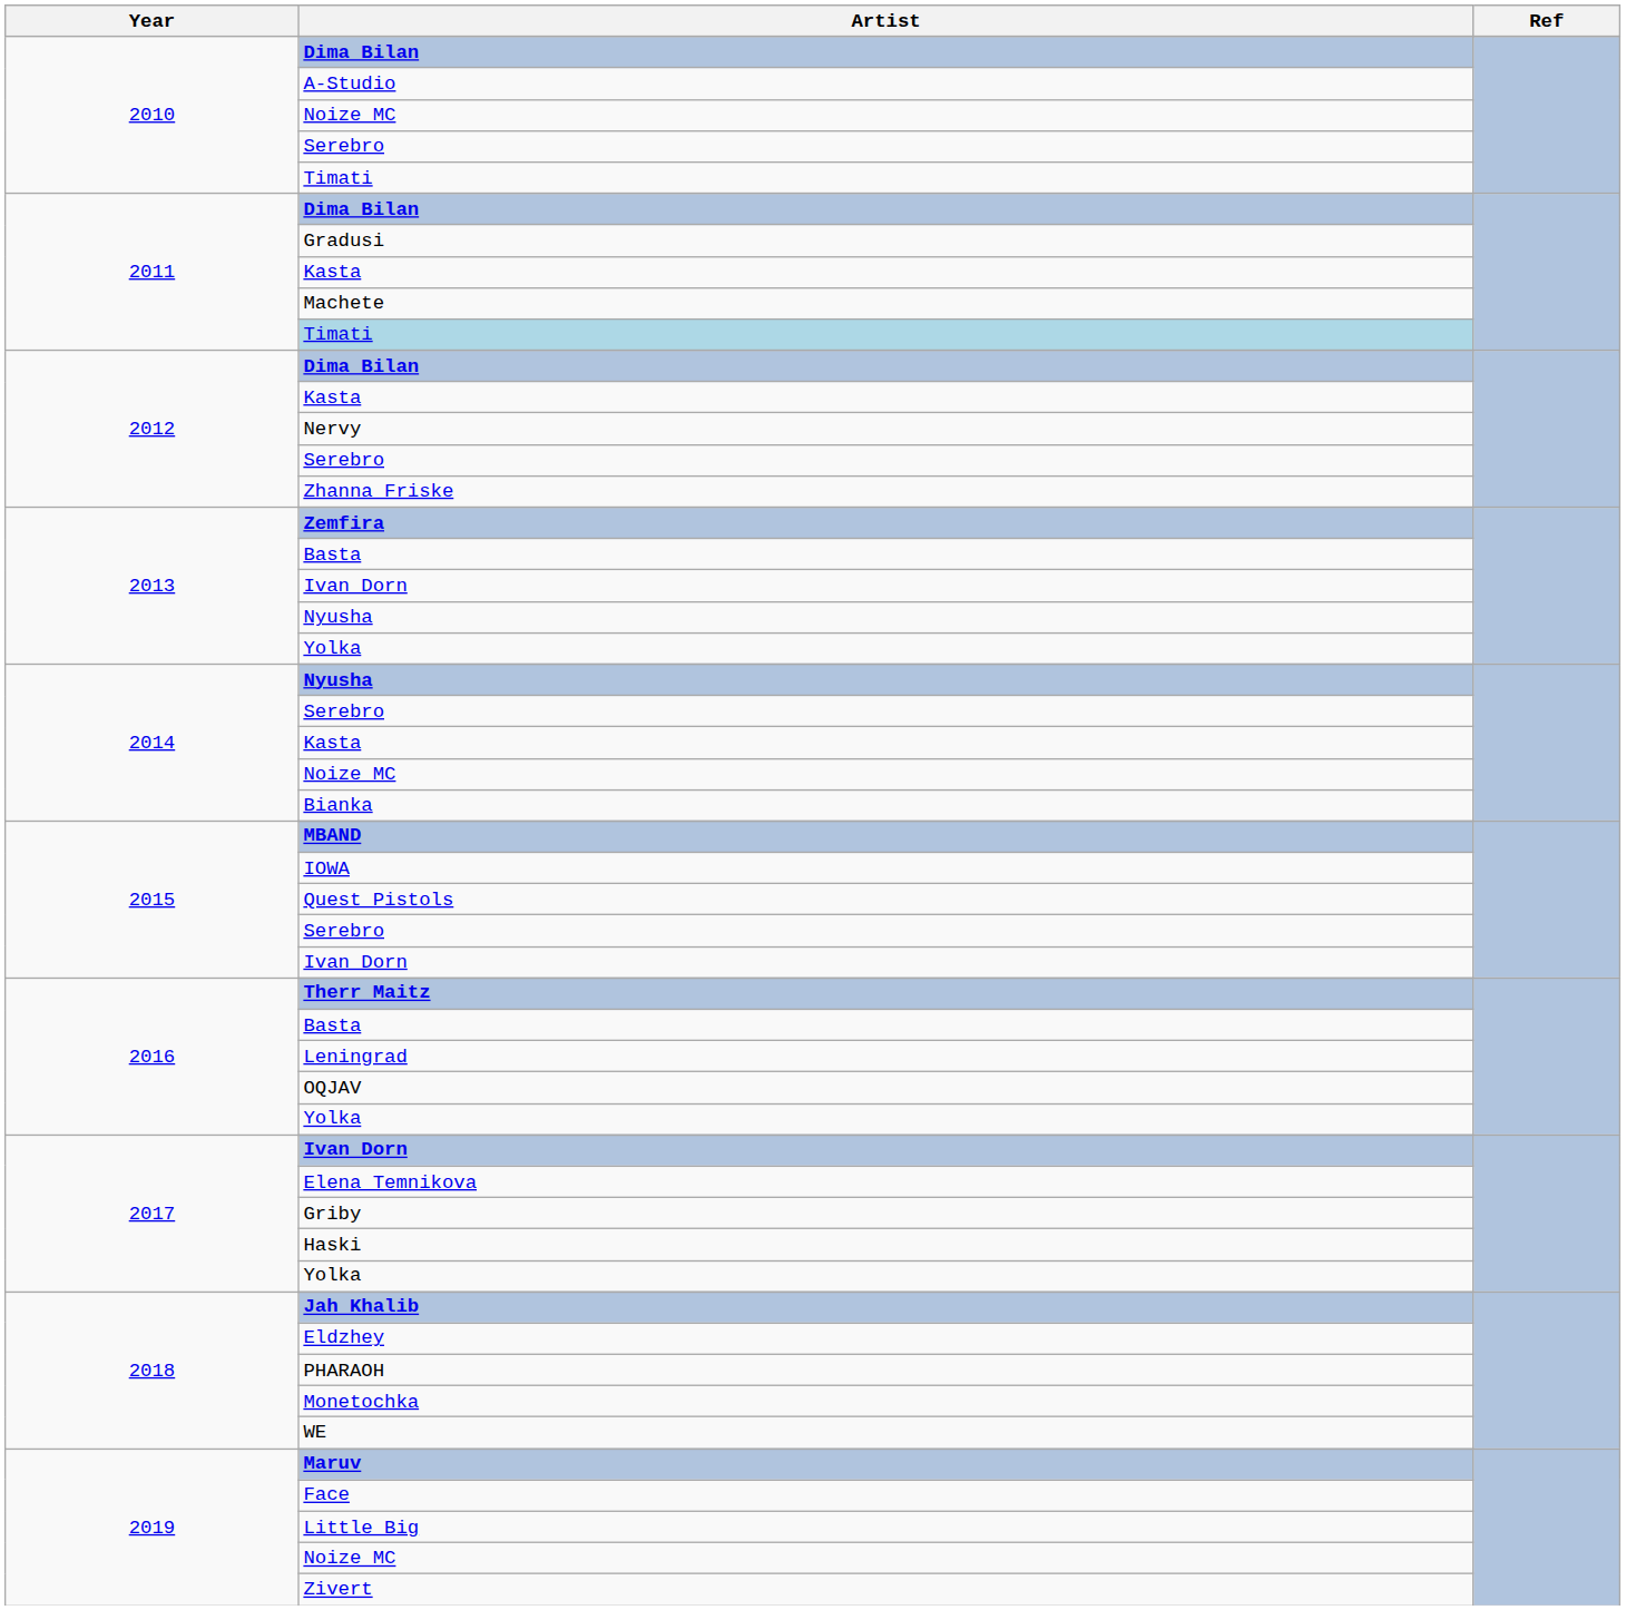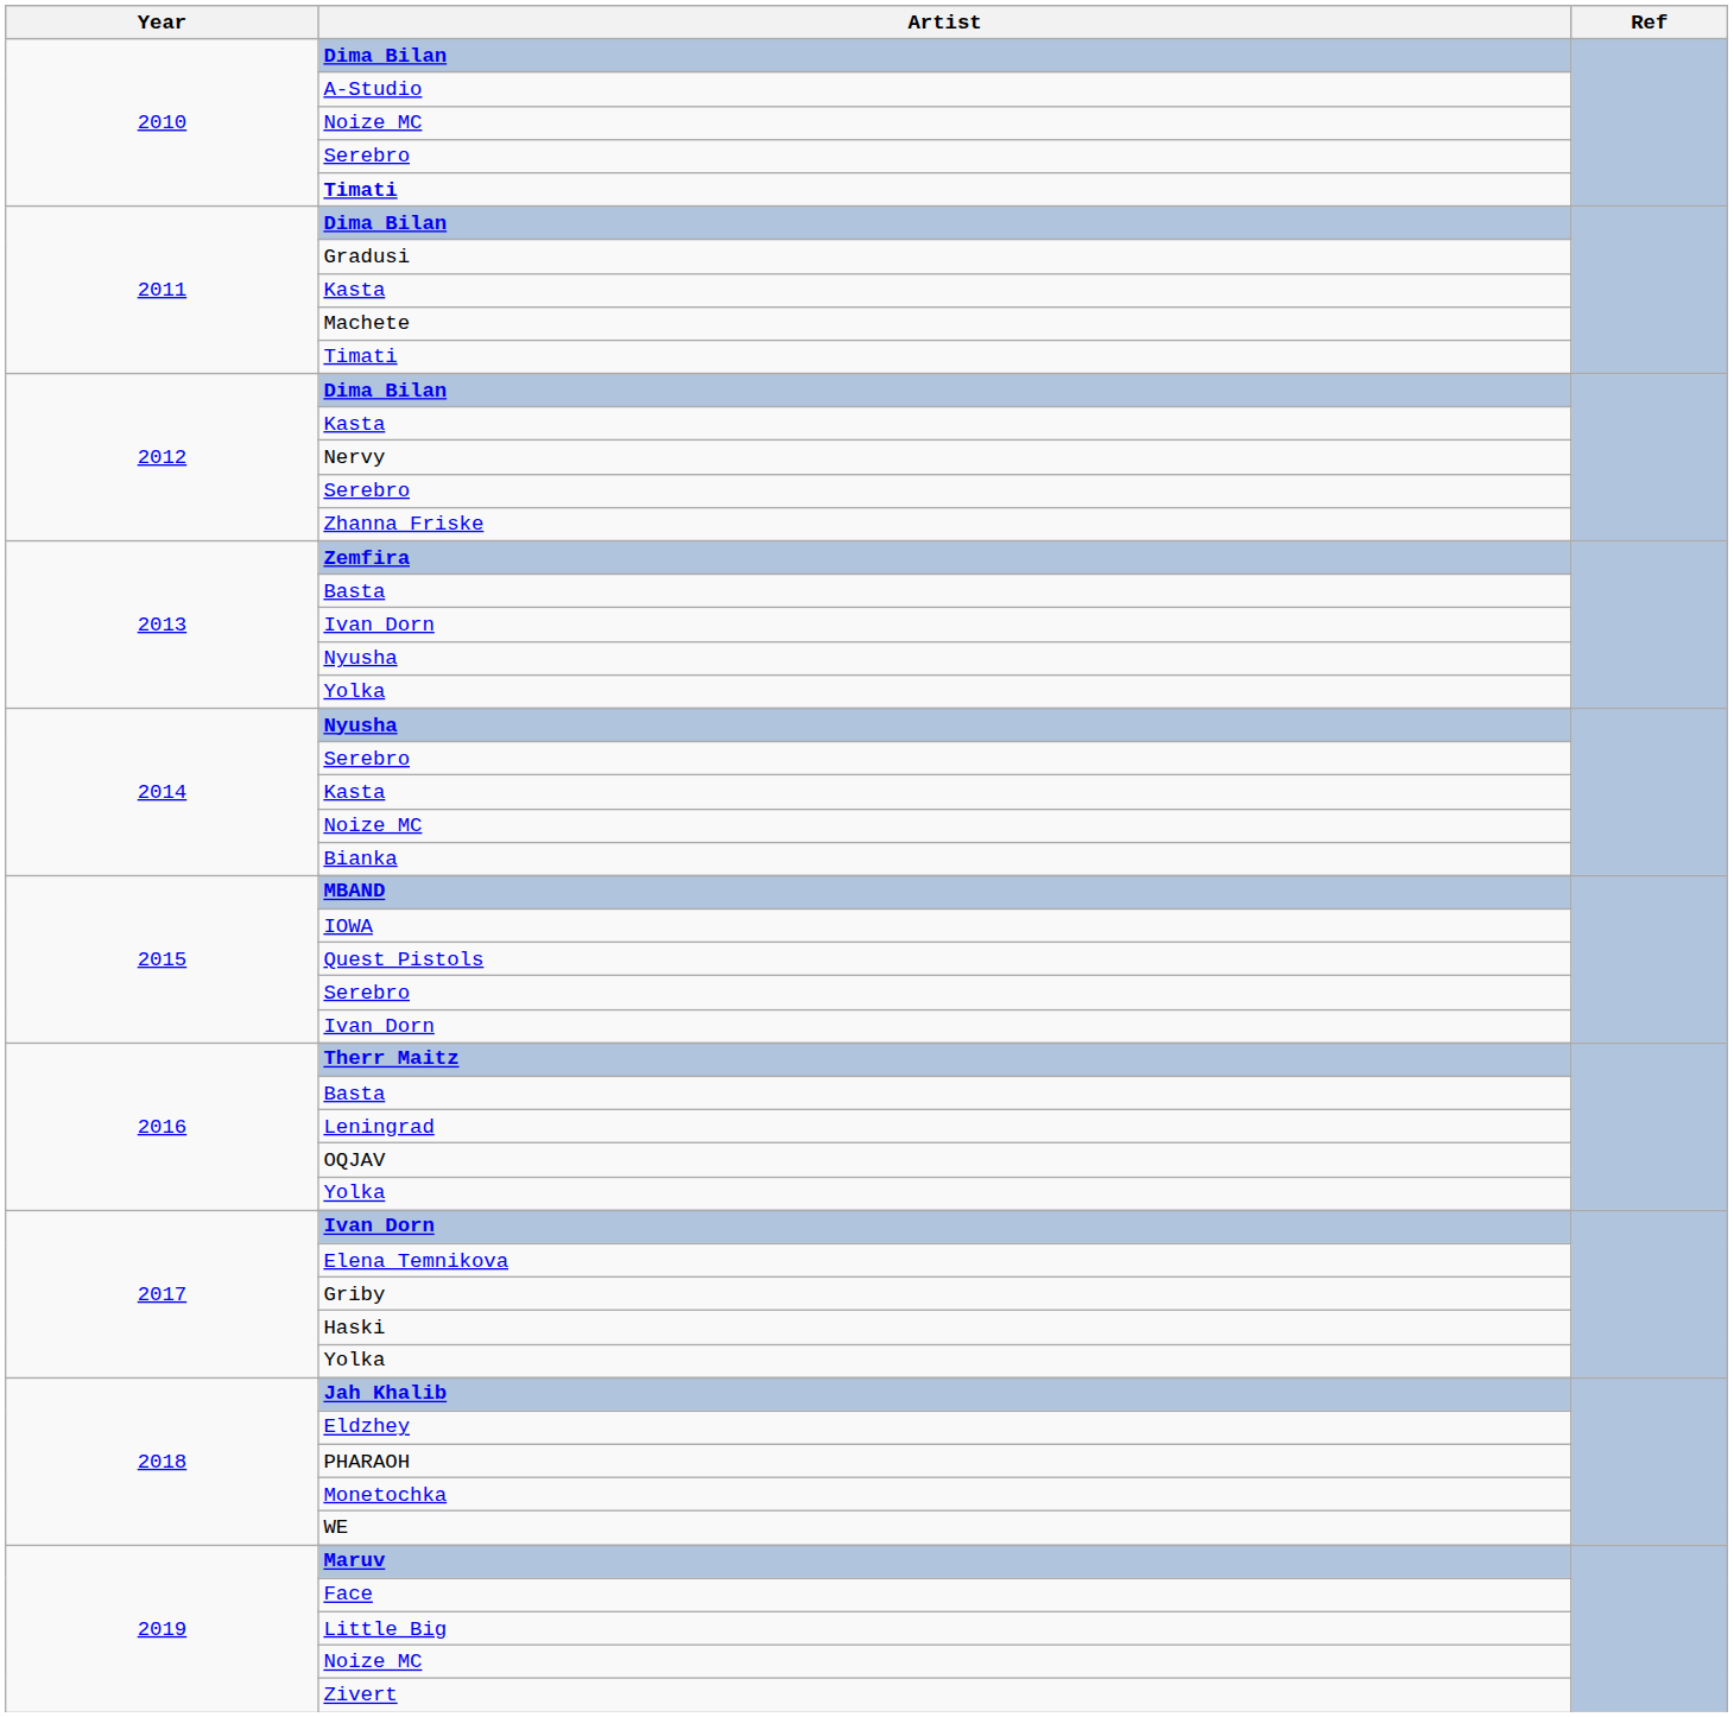 <table class="wikitable" style="width:55%;">
 <tr style="background:#bebebe;">
 <th style="width:10%;">Year</th>
 <th style="width:40%;">Artist</th>
 <th style="width:5%;">Ref</th>
 </tr>
 <tr>
 <td rowspan="6" align="center"><a href='#'>2010</a></td>
 </tr>
 <tr style="background:#B0C4DE">
 <td><strong><a href='#'>Dima Bilan</a></strong></td>
 <td rowspan="6" align="center"></td>
 </tr>
 <tr>
 <td><a href='#'>A-Studio</a></td>
 </tr>
 <tr>
 <td><a href='#'>Noize MC</a></td>
 </tr>
 <tr>
 <td><a href='#'>Serebro</a></td>
 </tr>
 <tr>
-<td><a href='#'>Timati</a></td>
+<td><strong><a href='#'>Timati</a></strong></td>
 </tr>
 <tr>
 <td rowspan="6" align="center"><a href='#'>2011</a></td>
 </tr>
 <tr style="background:#B0C4DE">
 <td><strong><a href='#'>Dima Bilan</a></strong></td>
 <td rowspan="6" align="center"></td>
 </tr>
 <tr>
 <td>Gradusi</td>
 </tr>
 <tr>
 <td><a href='#'>Kasta</a></td>
 </tr>
 <tr>
 <td>Machete</td>
 </tr>
 <tr>
-<td style="background: lightblue;"><a href='#'>Timati</a></td>
+<td><a href='#'>Timati</a></td>
 </tr>
 <tr>
 <td rowspan="6" align="center"><a href='#'>2012</a></td>
 </tr>
 <tr style="background:#B0C4DE">
 <td><strong><a href='#'>Dima Bilan</a></strong></td>
 <td rowspan="6" align="center"></td>
 </tr>
 <tr>
 <td><a href='#'>Kasta</a></td>
 </tr>
 <tr>
 <td>Nervy</td>
 </tr>
 <tr>
 <td><a href='#'>Serebro</a></td>
 </tr>
 <tr>
 <td><a href='#'>Zhanna Friske</a></td>
 </tr>
 <tr>
 <td rowspan="6" align="center"><a href='#'>2013</a></td>
 </tr>
 <tr style="background:#B0C4DE">
 <td><strong><a href='#'>Zemfira</a></strong></td>
 <td rowspan="6" align="center"></td>
 </tr>
 <tr>
 <td><a href='#'>Basta</a></td>
 </tr>
 <tr>
 <td><a href='#'>Ivan Dorn</a></td>
 </tr>
 <tr>
 <td><a href='#'>Nyusha</a></td>
 </tr>
 <tr>
 <td><a href='#'>Yolka</a></td>
 </tr>
 <tr>
 <td rowspan="6" align="center"><a href='#'>2014</a></td>
 </tr>
 <tr style="background:#B0C4DE">
 <td><strong><a href='#'>Nyusha</a></strong></td>
 <td rowspan="6" align="center"></td>
 </tr>
 <tr>
 <td><a href='#'>Serebro</a></td>
 </tr>
 <tr>
 <td><a href='#'>Kasta</a></td>
 </tr>
 <tr>
 <td><a href='#'>Noize MC</a></td>
 </tr>
 <tr>
 <td><a href='#'>Bianka</a></td>
 </tr>
 <tr>
 <td rowspan="6" align="center"><a href='#'>2015</a></td>
 </tr>
 <tr style="background:#B0C4DE">
 <td><strong><a href='#'>MBAND</a></strong></td>
 <td rowspan="6" align="center"></td>
 </tr>
 <tr>
 <td><a href='#'>IOWA</a></td>
 </tr>
 <tr>
 <td><a href='#'>Quest Pistols</a></td>
 </tr>
 <tr>
 <td><a href='#'>Serebro</a></td>
 </tr>
 <tr>
 <td><a href='#'>Ivan Dorn</a></td>
 </tr>
 <tr>
 <td rowspan="6" align="center"><a href='#'>2016</a></td>
 </tr>
 <tr style="background:#B0C4DE">
 <td><strong><a href='#'>Therr Maitz</a></strong></td>
 <td rowspan="6" align="center"></td>
 </tr>
 <tr>
 <td><a href='#'>Basta</a></td>
 </tr>
 <tr>
 <td><a href='#'>Leningrad</a></td>
 </tr>
 <tr>
 <td>OQJAV</td>
 </tr>
 <tr>
 <td><a href='#'>Yolka</a></td>
 </tr>
 <tr>
 <td rowspan="6" align="center"><a href='#'>2017</a></td>
 </tr>
 <tr style="background:#B0C4DE">
 <td><strong><a href='#'>Ivan Dorn</a></strong></td>
 <td rowspan="6" align="center"></td>
 </tr>
 <tr>
 <td><a href='#'>Elena Temnikova</a></td>
 </tr>
 <tr>
 <td>Griby</td>
 </tr>
 <tr>
 <td>Haski</td>
 </tr>
 <tr>
 <td>Yolka</td>
 </tr>
 <tr>
 <td rowspan="6" align="center"><a href='#'>2018</a></td>
 </tr>
 <tr style="background:#B0C4DE">
 <td><strong><a href='#'>Jah Khalib</a></strong></td>
 <td rowspan="6" align="center"></td>
 </tr>
 <tr>
 <td><a href='#'>Eldzhey</a></td>
 </tr>
 <tr>
 <td>PHARAOH</td>
 </tr>
 <tr>
 <td><a href='#'>Monetochka</a></td>
 </tr>
 <tr>
 <td>WE</td>
 </tr>
 <tr>
 <td rowspan="6" align="center"><a href='#'>2019</a></td>
 </tr>
 <tr style="background:#B0C4DE">
 <td><strong><a href='#'>Maruv</a></strong></td>
 <td rowspan="6" align="center"></td>
 </tr>
 <tr>
 <td><a href='#'>Face</a></td>
 </tr>
 <tr>
 <td><a href='#'>Little Big</a></td>
 </tr>
 <tr>
 <td><a href='#'>Noize MC</a></td>
 </tr>
 <tr>
 <td><a href='#'>Zivert</a></td>
 </tr>
 </table>
